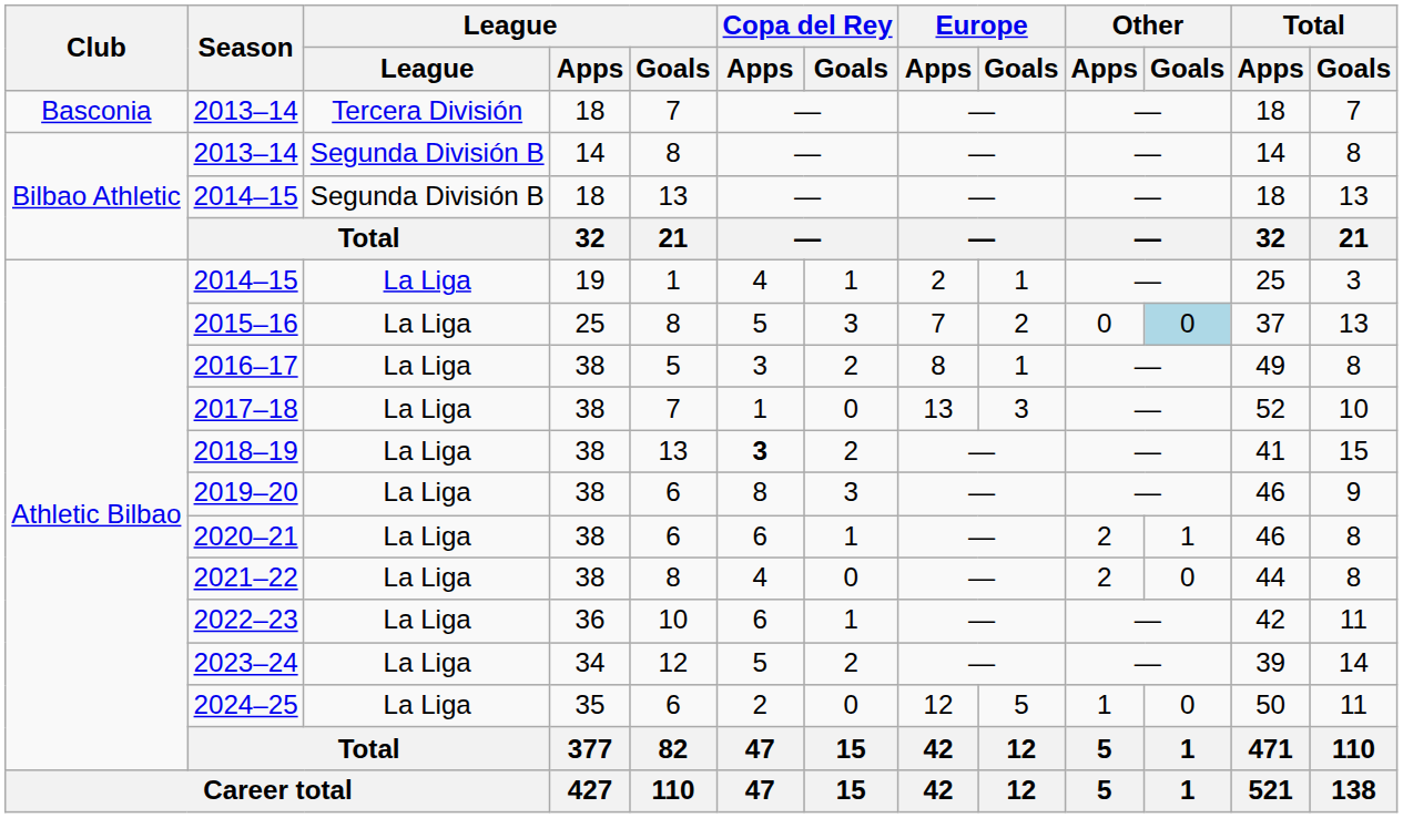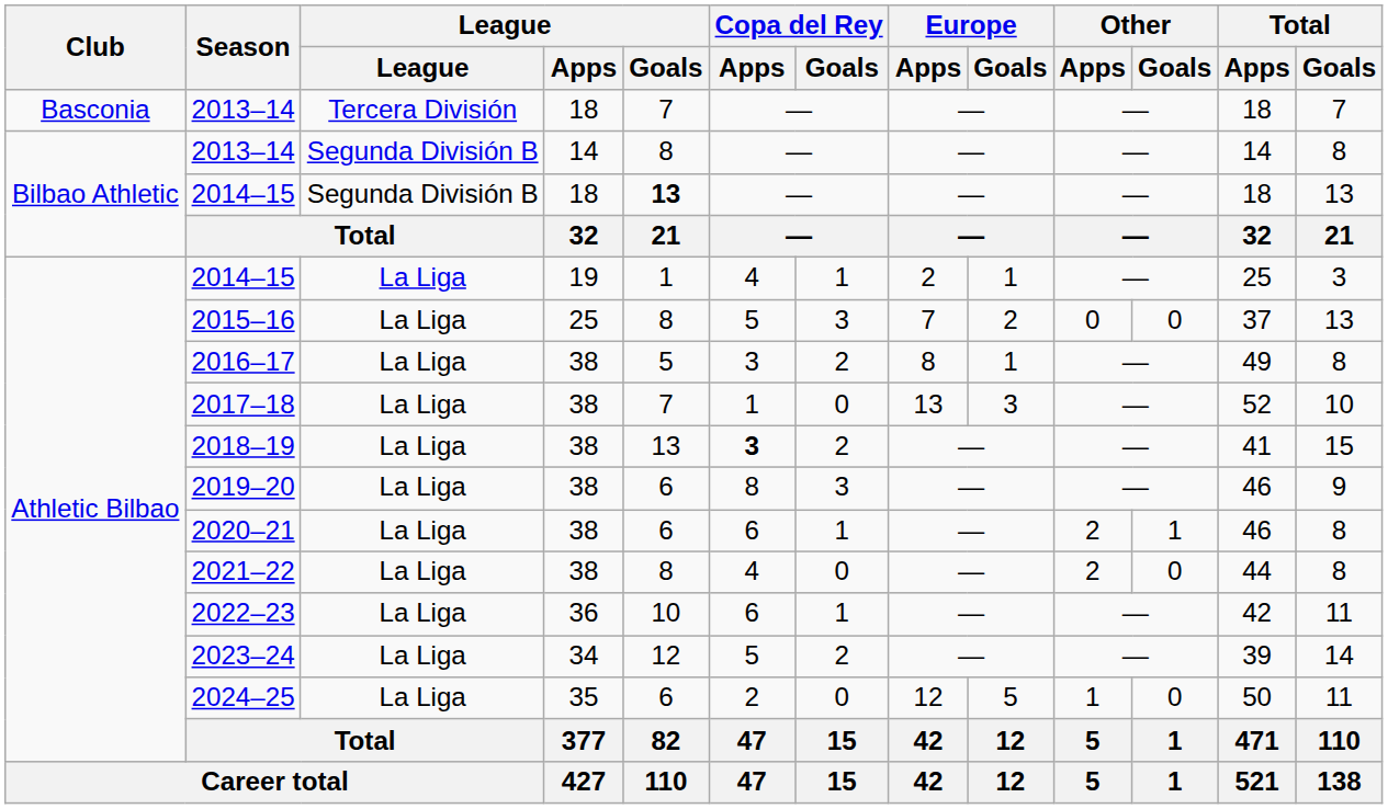 <table class="wikitable" style="text-align: center;">
 <tr>
 <th rowspan="2">Club</th>
 <th rowspan="2">Season</th>
 <th colspan="3">League</th>
 <th colspan="2"><a href='#'>Copa del Rey</a></th>
 <th colspan="2"><a href='#'>Europe</a></th>
 <th colspan="2">Other</th>
 <th colspan="2">Total</th>
 </tr>
 <tr>
 <th>League</th>
 <th>Apps</th>
 <th>Goals</th>
 <th>Apps</th>
 <th>Goals</th>
 <th>Apps</th>
 <th>Goals</th>
 <th>Apps</th>
 <th>Goals</th>
 <th>Apps</th>
 <th>Goals</th>
 </tr>
 <tr>
 <td><a href='#'>Basconia</a></td>
 <td><a href='#'>2013–14</a></td>
 <td><a href='#'>Tercera División</a></td>
 <td>18</td>
 <td>7</td>
 <td colspan="2">—</td>
 <td colspan="2">—</td>
 <td colspan="2">—</td>
 <td>18</td>
 <td>7</td>
 </tr>
 <tr>
 <td rowspan="3"><a href='#'>Bilbao Athletic</a></td>
 <td><a href='#'>2013–14</a></td>
 <td><a href='#'>Segunda División B</a></td>
 <td>14</td>
 <td>8</td>
 <td colspan="2">—</td>
 <td colspan="2">—</td>
 <td colspan="2">—</td>
 <td>14</td>
 <td>8</td>
 </tr>
 <tr>
 <td><a href='#'>2014–15</a></td>
 <td>Segunda División B</td>
 <td>18</td>
-<td>13</td>
+<td><strong>13</strong></td>
 <td colspan="2">—</td>
 <td colspan="2">—</td>
 <td colspan="2">—</td>
 <td>18</td>
 <td>13</td>
 </tr>
 <tr>
 <th colspan="2">Total</th>
 <th>32</th>
 <th>21</th>
 <th colspan="2">—</th>
 <th colspan="2">—</th>
 <th colspan="2">—</th>
 <th>32</th>
 <th>21</th>
 </tr>
 <tr>
 <td rowspan="12"><a href='#'>Athletic Bilbao</a></td>
 <td><a href='#'>2014–15</a></td>
 <td><a href='#'>La Liga</a></td>
 <td>19</td>
 <td>1</td>
 <td>4</td>
 <td>1</td>
 <td>2</td>
 <td>1</td>
 <td colspan="2">—</td>
 <td>25</td>
 <td>3</td>
 </tr>
 <tr>
 <td><a href='#'>2015–16</a></td>
 <td>La Liga</td>
 <td>25</td>
 <td>8</td>
 <td>5</td>
 <td>3</td>
 <td>7</td>
 <td>2</td>
 <td>0</td>
-<td style="background: lightblue;">0</td>
+<td>0</td>
 <td>37</td>
 <td>13</td>
 </tr>
 <tr>
 <td><a href='#'>2016–17</a></td>
 <td>La Liga</td>
 <td>38</td>
 <td>5</td>
 <td>3</td>
 <td>2</td>
 <td>8</td>
 <td>1</td>
 <td colspan="2">—</td>
 <td>49</td>
 <td>8</td>
 </tr>
 <tr>
 <td><a href='#'>2017–18</a></td>
 <td>La Liga</td>
 <td>38</td>
 <td>7</td>
 <td>1</td>
 <td>0</td>
 <td>13</td>
 <td>3</td>
 <td colspan="2">—</td>
 <td>52</td>
 <td>10</td>
 </tr>
 <tr>
 <td><a href='#'>2018–19</a></td>
 <td>La Liga</td>
 <td>38</td>
 <td>13</td>
 <td><strong>3</strong></td>
 <td>2</td>
 <td colspan="2">—</td>
 <td colspan="2">—</td>
 <td>41</td>
 <td>15</td>
 </tr>
 <tr>
 <td><a href='#'>2019–20</a></td>
 <td>La Liga</td>
 <td>38</td>
 <td>6</td>
 <td>8</td>
 <td>3</td>
 <td colspan="2">—</td>
 <td colspan="2">—</td>
 <td>46</td>
 <td>9</td>
 </tr>
 <tr>
 <td><a href='#'>2020–21</a></td>
 <td>La Liga</td>
 <td>38</td>
 <td>6</td>
 <td>6</td>
 <td>1</td>
 <td colspan="2">—</td>
 <td>2</td>
 <td>1</td>
 <td>46</td>
 <td>8</td>
 </tr>
 <tr>
 <td><a href='#'>2021–22</a></td>
 <td>La Liga</td>
 <td>38</td>
 <td>8</td>
 <td>4</td>
 <td>0</td>
 <td colspan="2">—</td>
 <td>2</td>
 <td>0</td>
 <td>44</td>
 <td>8</td>
 </tr>
 <tr>
 <td><a href='#'>2022–23</a></td>
 <td>La Liga</td>
 <td>36</td>
 <td>10</td>
 <td>6</td>
 <td>1</td>
 <td colspan="2">—</td>
 <td colspan="2">—</td>
 <td>42</td>
 <td>11</td>
 </tr>
 <tr>
 <td><a href='#'>2023–24</a></td>
 <td>La Liga</td>
 <td>34</td>
 <td>12</td>
 <td>5</td>
 <td>2</td>
 <td colspan="2">—</td>
 <td colspan="2">—</td>
 <td>39</td>
 <td>14</td>
 </tr>
 <tr>
 <td><a href='#'>2024–25</a></td>
 <td>La Liga</td>
 <td>35</td>
 <td>6</td>
 <td>2</td>
 <td>0</td>
 <td>12</td>
 <td>5</td>
 <td>1</td>
 <td>0</td>
 <td>50</td>
 <td>11</td>
 </tr>
 <tr>
 <th colspan="2">Total</th>
 <th>377</th>
 <th>82</th>
 <th>47</th>
 <th>15</th>
 <th>42</th>
 <th>12</th>
 <th>5</th>
 <th>1</th>
 <th>471</th>
 <th>110</th>
 </tr>
 <tr>
 <th colspan="3">Career total</th>
 <th>427</th>
 <th>110</th>
 <th>47</th>
 <th>15</th>
 <th>42</th>
 <th>12</th>
 <th>5</th>
 <th>1</th>
 <th>521</th>
 <th>138</th>
 </tr>
 </table>
